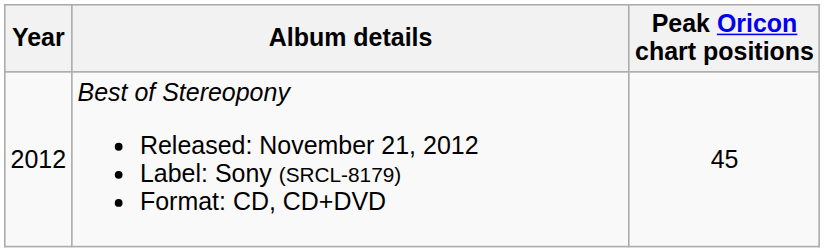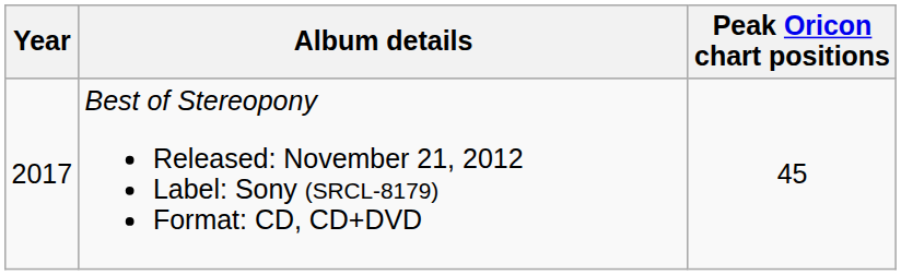 <table class="wikitable" border="1">
 <tr>
 <th rowspan="1">Year</th>
 <th rowspan="1" width="350">Album details</th>
 <th colspan="1">Peak <a href='#'>Oricon</a><br> chart positions</th>
 </tr>
 <tr>
-<td>2012</td>
+<td>2017</td>
 <td align="left"><em>Best of Stereopony</em><br><ul><li>Released: November 21, 2012</li><li>Label: Sony <small>(SRCL-8179)</small></li><li>Format: CD, CD+DVD</li></ul></td>
 <td align="center">45</td>
 </tr>
 </table>
